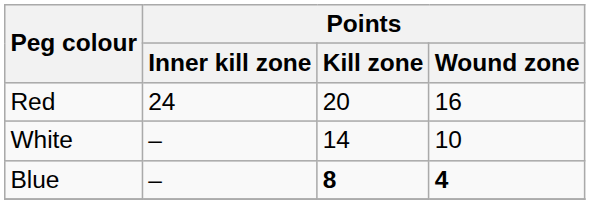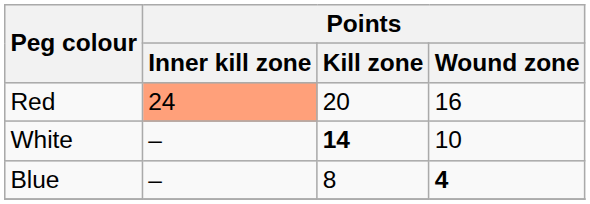 <table class="wikitable">
 <tr>
 <th rowspan="2">Peg colour</th>
 <th colspan="3">Points</th>
 </tr>
 <tr>
 <th>Inner kill zone</th>
 <th>Kill zone</th>
 <th>Wound zone</th>
 </tr>
 <tr>
 <td>Red</td>
-<td>24</td>
+<td style="background: lightsalmon;">24</td>
 <td>20</td>
 <td>16</td>
 </tr>
 <tr>
 <td>White</td>
 <td>–</td>
-<td>14</td>
+<td><strong>14</strong></td>
 <td>10</td>
 </tr>
 <tr>
 <td>Blue</td>
 <td>–</td>
-<td><strong>8</strong></td>
+<td>8</td>
 <td><strong>4</strong></td>
 </tr>
 <tr>
 </tr>
 <tr>
 </tr>
 </table>
